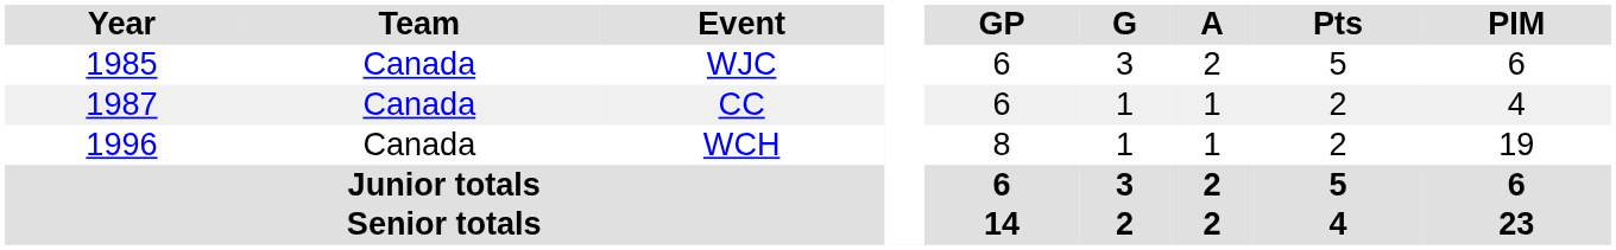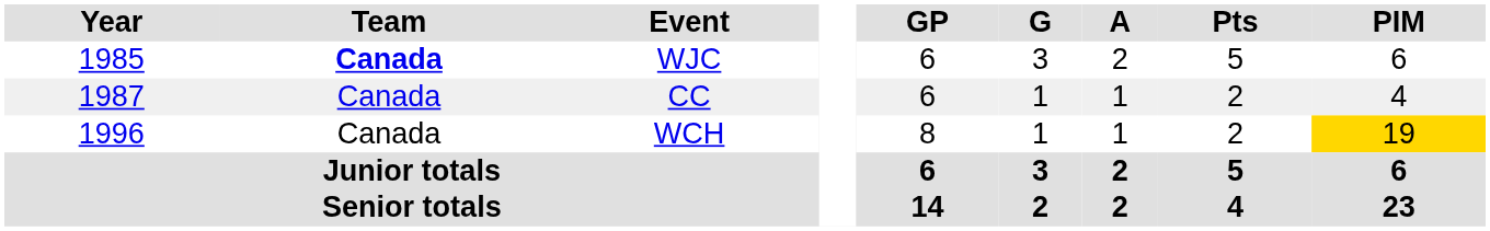 <table border="0" cellpadding="1" cellspacing="0" style="text-align:center; width:50em">
 <tr ALIGN="center" bgcolor="#e0e0e0">
 <th>Year</th>
 <th>Team</th>
 <th>Event</th>
 <th rowspan="99" bgcolor="#ffffff"> </th>
 <th>GP</th>
 <th>G</th>
 <th>A</th>
 <th>Pts</th>
 <th>PIM</th>
 </tr>
 <tr>
 <td><a href='#'>1985</a></td>
-<td><a href='#'>Canada</a></td>
+<td><strong><a href='#'>Canada</a></strong></td>
 <td><a href='#'>WJC</a></td>
 <td>6</td>
 <td>3</td>
 <td>2</td>
 <td>5</td>
 <td>6</td>
 </tr>
 <tr bgcolor="#f0f0f0">
 <td><a href='#'>1987</a></td>
 <td><a href='#'>Canada</a></td>
 <td><a href='#'>CC</a></td>
 <td>6</td>
 <td>1</td>
 <td>1</td>
 <td>2</td>
 <td>4</td>
 </tr>
 <tr>
 <td><a href='#'>1996</a></td>
 <td>Canada</td>
 <td><a href='#'>WCH</a></td>
 <td>8</td>
 <td>1</td>
 <td>1</td>
 <td>2</td>
-<td>19</td>
+<td style="background: gold;">19</td>
 </tr>
 <tr style="background:#e0e0e0;">
 <th colspan="3">Junior totals</th>
 <th>6</th>
 <th>3</th>
 <th>2</th>
 <th>5</th>
 <th>6</th>
 </tr>
 <tr style="background:#e0e0e0;">
 <th colspan="3">Senior totals</th>
 <th>14</th>
 <th>2</th>
 <th>2</th>
 <th>4</th>
 <th>23</th>
 </tr>
 </table>
